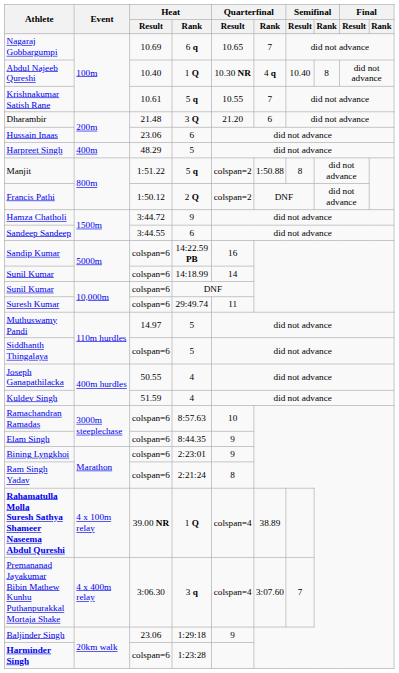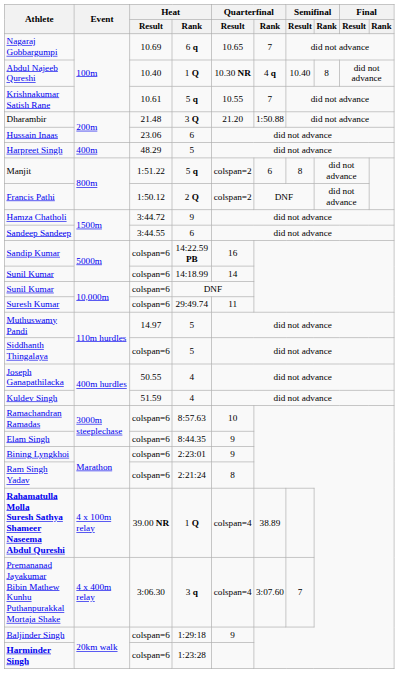 <table class=wikitable style="font-size:90%">
 <tr>
 <th rowspan="2">Athlete</th>
 <th rowspan="2">Event</th>
 <th colspan="2">Heat</th>
 <th colspan="2">Quarterfinal</th>
 <th colspan="2">Semifinal</th>
 <th colspan="2">Final</th>
 </tr>
 <tr style="font-size:95%">
 <th>Result</th>
 <th>Rank</th>
 <th>Result</th>
 <th>Rank</th>
 <th>Result</th>
 <th>Rank</th>
 <th>Result</th>
 <th>Rank</th>
 </tr>
 <tr align=center>
 <td align=left><a href='#'>Nagaraj Gobbargumpi</a></td>
 <td align=left rowspan=3><a href='#'>100m</a></td>
 <td>10.69</td>
 <td>6 <strong>q</strong></td>
 <td>10.65</td>
 <td>7</td>
 <td colspan=4>did not advance</td>
 </tr>
 <tr align=center>
 <td align=left><a href='#'>Abdul Najeeb Qureshi</a></td>
 <td>10.40</td>
 <td>1 <strong>Q</strong></td>
 <td>10.30 <strong>NR</strong></td>
 <td>4 <strong>q</strong></td>
 <td>10.40</td>
 <td>8</td>
 <td colspan=2>did not advance</td>
 </tr>
 <tr align=center>
 <td align=left><a href='#'>Krishnakumar Satish Rane</a></td>
 <td>10.61</td>
 <td>5 <strong>q</strong></td>
 <td>10.55</td>
 <td>7</td>
 <td colspan=4>did not advance</td>
 </tr>
 <tr align=center>
 <td align=left>Dharambir</td>
 <td align=left rowspan=2><a href='#'>200m</a></td>
 <td>21.48</td>
 <td>3 <strong>Q</strong></td>
 <td>21.20</td>
-<td>6</td>
+<td>1:50.88</td>
 <td colspan=4>did not advance</td>
 </tr>
 <tr align=center>
 <td align=left><a href='#'>Hussain Inaas</a></td>
 <td>23.06</td>
 <td>6</td>
 <td colspan=6>did not advance</td>
 </tr>
 <tr align=center>
 <td align=left><a href='#'>Harpreet Singh</a></td>
 <td align=left><a href='#'>400m</a></td>
 <td>48.29</td>
 <td>5</td>
 <td colspan=6>did not advance</td>
 </tr>
 <tr align=center>
 <td align=left>Manjit</td>
 <td align=left rowspan=2><a href='#'>800m</a></td>
 <td>1:51.22</td>
 <td>5 <strong>q</strong></td>
 <td>colspan=2 </td>
-<td>1:50.88</td>
+<td>6</td>
 <td>8</td>
 <td colspan=2>did not advance</td>
 </tr>
 <tr align=center>
 <td align=left><a href='#'>Francis Pathi</a></td>
 <td>1:50.12</td>
 <td>2 <strong>Q</strong></td>
 <td>colspan=2 </td>
 <td colspan=2>DNF</td>
 <td colspan=2>did not advance</td>
 </tr>
 <tr align=center>
 <td align=left><a href='#'>Hamza Chatholi</a></td>
 <td align=left rowspan=2><a href='#'>1500m</a></td>
 <td>3:44.72</td>
 <td>9</td>
 <td colspan=6>did not advance</td>
 </tr>
 <tr align=center>
 <td align=left><a href='#'>Sandeep Sandeep</a></td>
 <td>3:44.55</td>
 <td>6</td>
 <td colspan=6>did not advance</td>
 </tr>
 <tr align=center>
 <td align=left><a href='#'>Sandip Kumar</a></td>
 <td align=left rowspan=2><a href='#'>5000m</a></td>
 <td>colspan=6 </td>
 <td>14:22.59 <strong>PB</strong></td>
 <td>16</td>
 </tr>
 <tr align=center>
 <td align=left><a href='#'>Sunil Kumar</a></td>
 <td>colspan=6 </td>
 <td>14:18.99</td>
 <td>14</td>
 </tr>
 <tr align=center>
 <td align=left><a href='#'>Sunil Kumar</a></td>
 <td align=left rowspan=2><a href='#'>10,000m</a></td>
 <td>colspan=6 </td>
 <td colspan=2>DNF</td>
 </tr>
 <tr align=center>
 <td align=left><a href='#'>Suresh Kumar</a></td>
 <td>colspan=6 </td>
 <td>29:49.74</td>
 <td>11</td>
 </tr>
 <tr align=center>
 <td align=left><a href='#'>Muthuswamy Pandi</a></td>
 <td align=left rowspan=2><a href='#'>110m hurdles</a></td>
 <td>14.97</td>
 <td>5</td>
 <td colspan=6>did not advance</td>
 </tr>
 <tr align=center>
 <td align=left><a href='#'>Siddhanth Thingalaya</a></td>
 <td>colspan=6 </td>
 <td>5</td>
 <td colspan=6>did not advance</td>
 </tr>
 <tr align=center>
 <td align=left><a href='#'>Joseph Ganapathilacka</a></td>
 <td align=left rowspan=2><a href='#'>400m hurdles</a></td>
 <td>50.55</td>
 <td>4</td>
 <td colspan=6>did not advance</td>
 </tr>
 <tr align=center>
 <td align=left><a href='#'>Kuldev Singh</a></td>
 <td>51.59</td>
 <td>4</td>
 <td colspan=6>did not advance</td>
 </tr>
 <tr align=center>
 <td align=left><a href='#'>Ramachandran Ramadas</a></td>
 <td align=left rowspan=2><a href='#'>3000m steeplechase</a></td>
 <td>colspan=6 </td>
 <td>8:57.63</td>
 <td>10</td>
 </tr>
 <tr align=center>
 <td align=left><a href='#'>Elam Singh</a></td>
 <td>colspan=6 </td>
 <td>8:44.35</td>
 <td>9</td>
 </tr>
 <tr align=center>
 <td align=left><a href='#'>Bining Lyngkhoi</a></td>
 <td align=left rowspan=2><a href='#'>Marathon</a></td>
 <td>colspan=6 </td>
 <td>2:23:01</td>
 <td>9</td>
 </tr>
 <tr align=center>
 <td align=left><a href='#'>Ram Singh Yadav</a></td>
 <td>colspan=6 </td>
 <td>2:21:24</td>
 <td>8</td>
 </tr>
 <tr align=center>
 <td align=left><strong><a href='#'>Rahamatulla Molla</a><br><a href='#'>Suresh Sathya</a><br><a href='#'>Shameer Naseema</a><br><a href='#'>Abdul Qureshi</a></strong></td>
 <td align=left><a href='#'>4 x 100m relay</a></td>
 <td>39.00 <strong>NR</strong></td>
 <td>1 <strong>Q</strong></td>
 <td>colspan=4 </td>
 <td>38.89</td>
 <td></td>
 </tr>
 <tr align=center>
 <td align=left><a href='#'>Premananad Jayakumar</a><br><a href='#'>Bibin Mathew</a><br><a href='#'>Kunhu Puthanpurakkal</a><br><a href='#'>Mortaja Shake</a></td>
 <td align=left><a href='#'>4 x 400m relay</a></td>
 <td>3:06.30</td>
 <td>3 <strong>q</strong></td>
 <td>colspan=4 </td>
 <td>3:07.60</td>
 <td>7</td>
 </tr>
 <tr align=center>
 <td align=left><a href='#'>Baljinder Singh</a></td>
 <td align=left rowspan=2><a href='#'>20km walk</a></td>
-<td>23.06</td>
+<td>colspan=6 </td>
 <td>1:29:18</td>
 <td>9</td>
 </tr>
 <tr align=center>
 <td align=left><strong><a href='#'>Harminder Singh</a></strong></td>
 <td>colspan=6 </td>
 <td>1:23:28</td>
 <td></td>
 </tr>
 </table>
